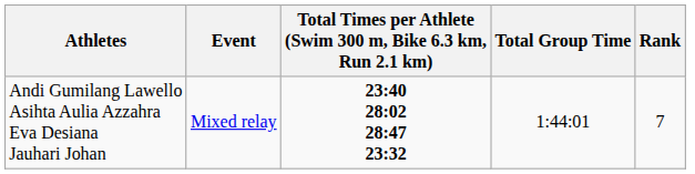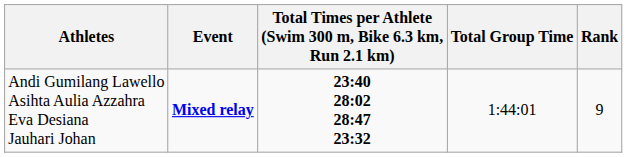 <table class=wikitable style=font-size:90%;text-align:center>
 <tr>
 <th>Athletes</th>
 <th>Event</th>
 <th>Total Times per Athlete<br>(Swim 300 m, Bike 6.3 km, <br> Run 2.1 km)</th>
 <th>Total Group Time</th>
 <th>Rank</th>
 </tr>
 <tr align=center>
 <td align=left>Andi Gumilang Lawello<br>Asihta Aulia Azzahra<br>Eva Desiana<br>Jauhari Johan</td>
-<td align=left><a href='#'>Mixed relay</a></td>
+<td align=left><strong><a href='#'>Mixed relay</a></strong></td>
 <td><strong>23:40<br>28:02<br>28:47<br>23:32</strong></td>
 <td>1:44:01</td>
-<td>7</td>
+<td>9</td>
 </tr>
 </table>
